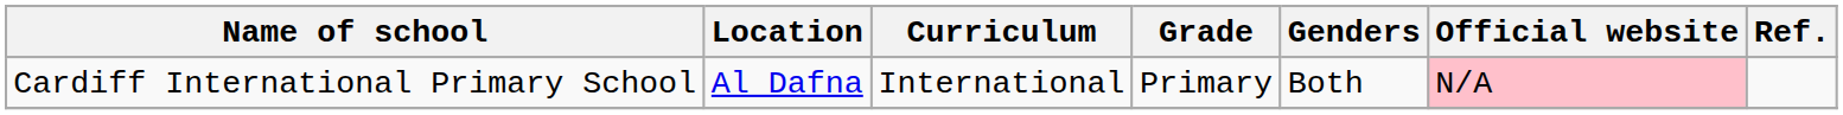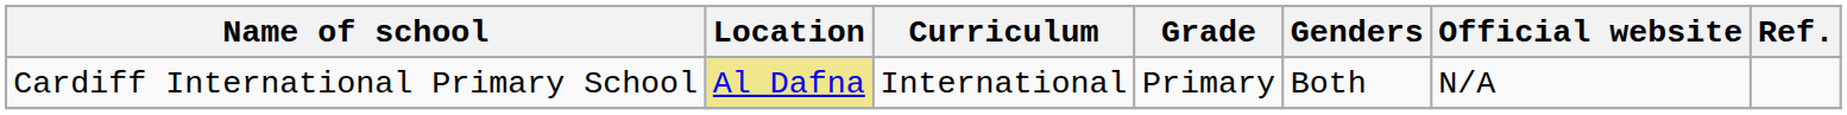 <table class="wikitable">
 <tr>
 <th>Name of school</th>
 <th>Location</th>
 <th>Curriculum</th>
 <th>Grade</th>
 <th>Genders</th>
 <th>Official website</th>
 <th>Ref.</th>
 </tr>
 <tr>
 <td>Cardiff International Primary School</td>
-<td><a href='#'>Al Dafna</a></td>
+<td style="background: khaki;"><a href='#'>Al Dafna</a></td>
 <td>International</td>
 <td>Primary</td>
 <td>Both</td>
-<td style="background: pink;">N/A</td>
+<td>N/A</td>
 <td></td>
 </tr>
 <tr>
 </tr>
 </table>
